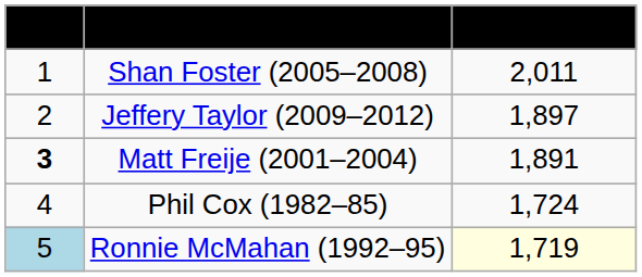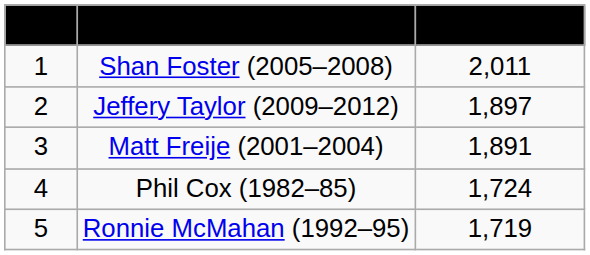 <table class="wikitable" style="text-align: center;">
 <tr>
 <td bgcolor="black"><span>Rank</span></td>
 <td bgcolor="black"><span>Player</span></td>
 <td bgcolor="black"><span>Career Points</span></td>
 </tr>
 <tr>
 <td>1</td>
 <td><a href='#'>Shan Foster</a> (2005–2008)</td>
 <td>2,011</td>
 </tr>
 <tr>
 <td>2</td>
 <td><a href='#'>Jeffery Taylor</a> (2009–2012)</td>
 <td>1,897</td>
 </tr>
 <tr>
-<td><strong>3</strong></td>
+<td>3</td>
 <td><a href='#'>Matt Freije</a> (2001–2004)</td>
 <td>1,891</td>
 </tr>
 <tr>
 <td>4</td>
 <td>Phil Cox (1982–85)</td>
 <td>1,724</td>
 </tr>
 <tr>
-<td style="background: lightblue;">5</td>
+<td>5</td>
 <td><a href='#'>Ronnie McMahan</a> (1992–95)</td>
-<td style="background: lightyellow;">1,719</td>
+<td>1,719</td>
 </tr>
 </table>
